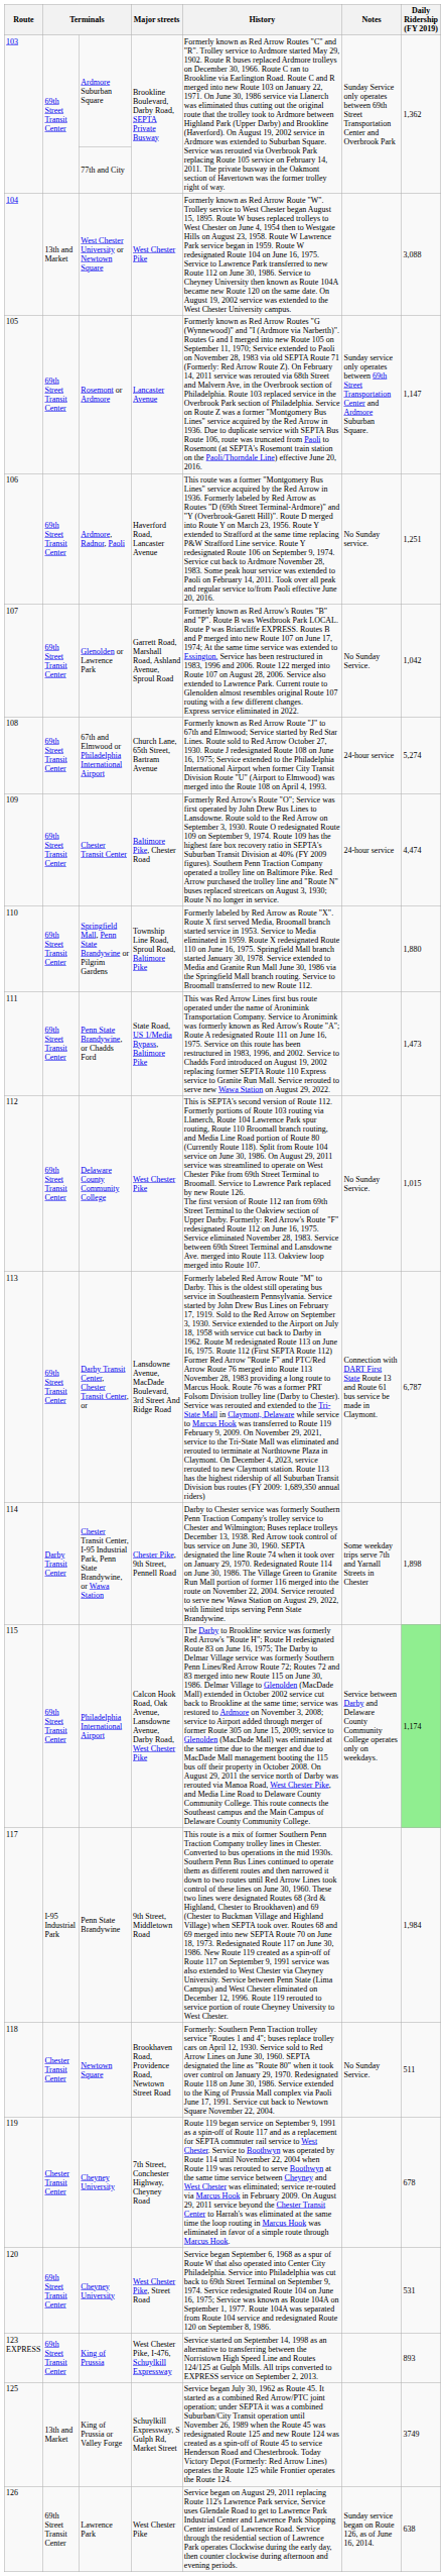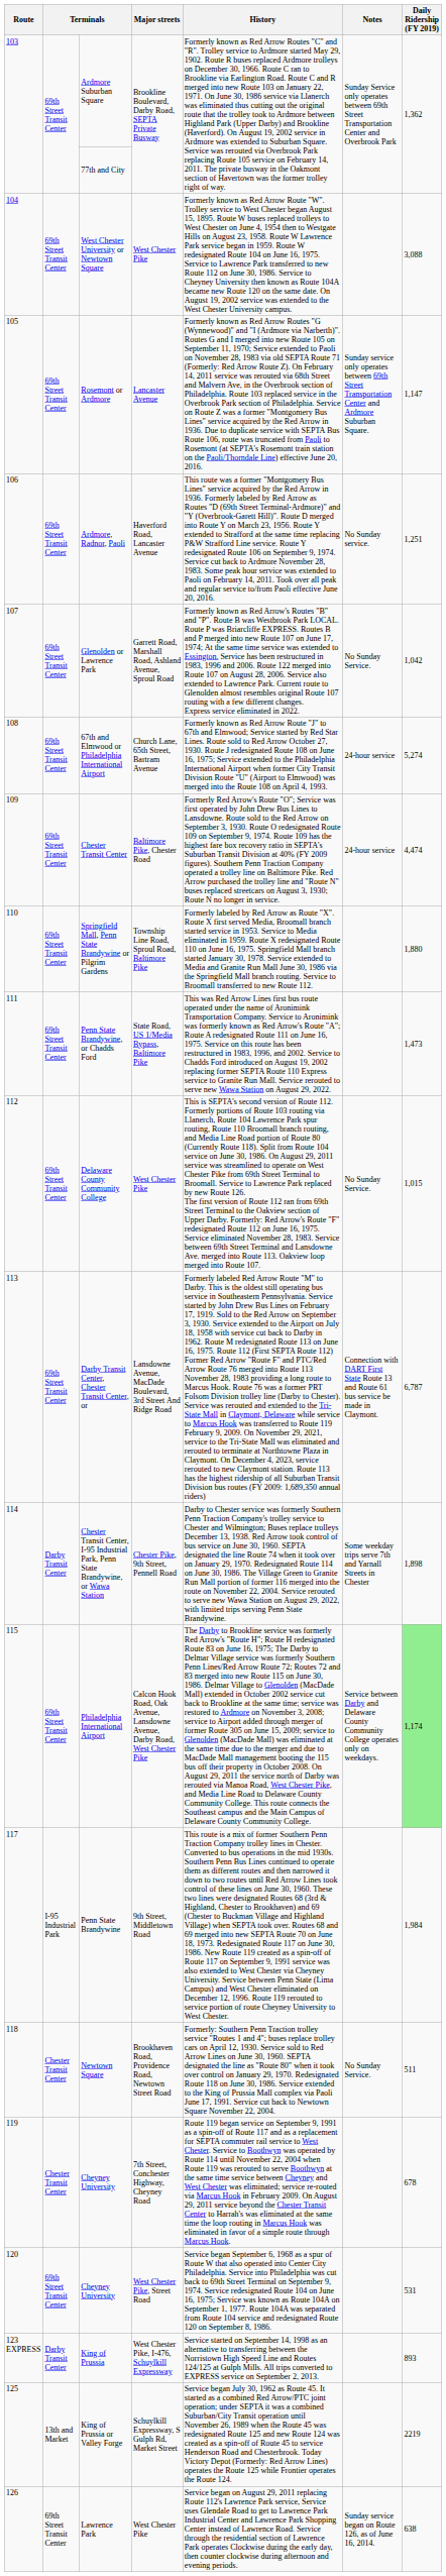 <table class="wikitable sortable" sortable>
 <tr>
 <th>Route</th>
 <th colspan=2>Terminals</th>
 <th>Major streets</th>
 <th>History</th>
 <th>Notes</th>
 <th>Daily Ridership (FY 2019)</th>
 </tr>
 <tr>
 <td rowspan="2" valign="top"><div><a href='#'>103</a></div></td>
 <td rowspan="2"><a href='#'>69th Street Transit Center</a></td>
 <td><a href='#'>Ardmore</a> Suburban Square</td>
 <td rowspan="2">Brookline Boulevard, Darby Road, <a href='#'>SEPTA Private Busway</a></td>
 <td rowspan="2">Formerly known as Red Arrow Routes "C" and "R". Trolley service to Ardmore started May 29, 1902. Route R buses replaced Ardmore trolleys on December 30, 1966. Route C ran to Brookline via Earlington Road. Route C and R merged into new Route 103 on January 22, 1971. On June 30, 1986 service via Llanerch was eliminated thus cutting out the original route that the trolley took to Ardmore between Highland Park (Upper Darby) and Brookline (Haverford). On August 19, 2002 service in Ardmore was extended to Suburban Square. Service was rerouted via Overbrook Park replacing Route 105 service on February 14, 2011. The private busway in the Oakmont section of Havertown was the former trolley right of way.</td>
 <td rowspan="2">Sunday Service only operates between 69th Street Transportation Center and Overbrook Park</td>
 <td rowspan="2">1,362</td>
 </tr>
 <tr>
 <td>77th and City</td>
 </tr>
 <tr>
 <td valign=top><div><a href='#'>104</a></div></td>
-<td>13th and Market</td>
+<td><a href='#'>69th Street Transit Center</a></td>
 <td><a href='#'>West Chester University</a> or <a href='#'>Newtown Square</a></td>
 <td><a href='#'>West Chester Pike</a></td>
 <td>Formerly known as Red Arrow Route "W". Trolley service to West Chester began August 15, 1895. Route W buses replaced trolleys to West Chester on June 4, 1954 then to Westgate Hills on August 23, 1958. Route W Lawrence Park service began in 1959. Route W redesignated Route 104 on June 16, 1975. Service to Lawrence Park transferred to new Route 112 on June 30, 1986. Service to Cheyney University then known as Route 104A became new Route 120 on the same date. On August 19, 2002 service was extended to the West Chester University campus.</td>
 <td></td>
 <td>3,088</td>
 </tr>
 <tr>
 <td valign=top><div>105</div></td>
 <td><a href='#'>69th Street Transit Center</a></td>
 <td><a href='#'>Rosemont</a> or <a href='#'>Ardmore</a></td>
 <td><a href='#'>Lancaster Avenue</a></td>
 <td>Formerly known as Red Arrow Routes "G (Wynnewood)" and "I (Ardmore via Narberth)". Routes G and I merged into new Route 105 on September 11, 1970; Service extended to Paoli on November 28, 1983 via old SEPTA Route 71 (Formerly: Red Arrow Route Z). On February 14, 2011 service was rerouted via 68th Street and Malvern Ave, in the Overbrook section of Philadelphia.  Route 103 replaced service in the Overbrook Park section of Philadelphia. Service on Route Z was a former "Montgomery Bus Lines" service acquired by the Red Arrow in 1936.  Due to duplicate service with SEPTA Bus Route 106, route was truncated from <a href='#'>Paoli</a> to Rosemont (at SEPTA's Rosemont train station on the <a href='#'>Paoli/Thorndale Line</a>) effective June 20, 2016.</td>
 <td>Sunday service only operates between <a href='#'>69th Street Transportation Center</a> and <a href='#'>Ardmore</a> Suburban Square.</td>
 <td>1,147</td>
 </tr>
 <tr>
 <td valign=top><div>106</div></td>
 <td><a href='#'>69th Street Transit Center</a></td>
 <td><a href='#'>Ardmore</a>, <a href='#'>Radnor</a>, <a href='#'>Paoli</a></td>
 <td>Haverford Road, Lancaster Avenue</td>
 <td>This route was a former "Montgomery Bus Lines" service acquired by the Red Arrow in 1936. Formerly labeled by Red Arrow as Routes "D (69th Street Terminal-Ardmore)" and "Y (Overbrook-Garett Hill)". Route D merged into Route Y on March 23, 1956. Route Y extended to Strafford at the same time replacing P&W Strafford Line service.  Route Y redesignated Route 106 on September 9, 1974.  Service cut back to Ardmore November 28, 1983. Some peak hour service was extended to Paoli on February 14, 2011. Took over all peak and regular service to/from Paoli effective June 20, 2016.</td>
 <td>No Sunday service.</td>
 <td>1,251</td>
 </tr>
 <tr>
 <td valign=top><div>107</div></td>
 <td><a href='#'>69th Street Transit Center</a></td>
 <td><a href='#'>Glenolden</a> or Lawrence Park</td>
 <td>Garrett Road, Marshall Road, Ashland Avenue, Sproul Road</td>
 <td>Formerly known as Red Arrow's Routes "B" and "P". Route B was Westbrook Park LOCAL. Route P was Briarcliffe EXPRESS. Routes B and P merged into new Route 107 on June 17, 1974; At the same time service was extended to <a href='#'>Essington.</a> Service has been restructured in 1983, 1996 and 2006. Route 122 merged into Route 107 on August 28, 2006. Service also extended to Lawrence Park. Current route to Glenolden almost resembles original Route 107 routing with a few different changes.<br>Express service eliminated in 2022.</td>
 <td>No Sunday Service.</td>
 <td>1,042</td>
 </tr>
 <tr>
 <td valign=top><div>108</div></td>
 <td><a href='#'>69th Street Transit Center</a></td>
 <td>67th and Elmwood or <a href='#'>Philadelphia International Airport</a></td>
 <td>Church Lane, 65th Street, Bartram Avenue</td>
 <td>Formerly known as Red Arrow Route "J" to 67th and Elmwood; Service started by Red Star Lines. Route sold to Red Arrow October 27, 1930. Route J redesignated Route 108 on June 16, 1975; Service extended to the Philadelphia International Airport when former City Transit Division Route "U" (Airport to Elmwood) was merged into the Route 108 on April 4, 1993.</td>
 <td>24-hour service</td>
 <td>5,274</td>
 </tr>
 <tr>
 <td valign=top><div>109</div></td>
 <td><a href='#'>69th Street Transit Center</a></td>
 <td><a href='#'>Chester Transit Center</a></td>
 <td><a href='#'>Baltimore Pike</a>, Chester Road</td>
 <td>Formerly Red Arrow's Route "O"; Service was first operated by John Drew Bus Lines to Lansdowne. Route sold to the Red Arrow on September 3, 1930. Route O redesignated Route 109 on September 9, 1974. Route 109 has the highest fare box recovery ratio in SEPTA's Suburban Transit Division at 40% (FY 2009 figures). Southern Penn Traction Company operated a trolley line on Baltimore Pike. Red Arrow purchased the trolley line and "Route N" buses replaced streetcars on August 3, 1930; Route N no longer in service.</td>
 <td>24-hour service</td>
 <td>4,474</td>
 </tr>
 <tr>
 <td valign=top><div>110</div></td>
 <td><a href='#'>69th Street Transit Center</a></td>
 <td><a href='#'>Springfield Mall</a>, <a href='#'>Penn State Brandywine</a> or Pilgrim Gardens</td>
 <td>Township Line Road, Sproul Road, <a href='#'>Baltimore Pike</a></td>
 <td>Formerly labeled by Red Arrow as Route "X". Route X first served Media, Broomall branch started service in 1953. Service to Media eliminated in 1959. Route X redesignated Route 110 on June 16, 1975. Springfield Mall branch started January 30, 1978. Service extended to Media and Granite Run Mall June 30, 1986 via the Springfield Mall branch routing. Service to Broomall transferred to new Route 112.</td>
 <td></td>
 <td>1,880</td>
 </tr>
 <tr>
 <td valign=top><div>111</div></td>
 <td><a href='#'>69th Street Transit Center</a></td>
 <td><a href='#'>Penn State Brandywine</a>, or Chadds Ford</td>
 <td>State Road, <a href='#'>US 1/Media Bypass</a>, <a href='#'>Baltimore Pike</a></td>
 <td>This was Red Arrow Lines first bus route operated under the name of Aronimink Transportation Company. Service to Aronimink was formerly known as Red Arrow's Route "A"; Route A redesignated Route 111 on June 16, 1975. Service on this route has been restructured in 1983, 1996, and 2002. Service to Chadds Ford introduced on August 19, 2002 replacing former SEPTA Route 110 Express service to Granite Run Mall. Service rerouted to serve new <a href='#'>Wawa Station</a> on August 29, 2022.</td>
 <td></td>
 <td>1,473</td>
 </tr>
 <tr>
 <td valign=top><div>112</div></td>
 <td><a href='#'>69th Street Transit Center</a></td>
 <td><a href='#'>Delaware County Community College</a></td>
 <td><a href='#'>West Chester Pike</a></td>
 <td>This is SEPTA's second version of Route 112. Formerly portions of Route 103 routing via Llanerch, Route 104 Lawrence Park spur routing, Route 110 Broomall branch routing, and Media Line Road portion of Route 80 (Currently Route 118). Split from Route 104 service on June 30, 1986. On August 29, 2011 service was streamlined to operate on West Chester Pike from 69th Street Terminal to Broomall. Service to Lawrence Park replaced by new Route 126.<br>The first version of Route 112 ran from 69th Street Terminal to the Oakview section of Upper Darby.  Formerly: Red Arrow's Route "F" redesignated Route 112 on June 16, 1975.  Service eliminated November 28, 1983. Service between 69th Street Terminal and Lansdowne Ave. merged into Route 113.  Oakview loop merged into Route 107.</td>
 <td>No Sunday Service.</td>
 <td>1,015</td>
 </tr>
 <tr>
 <td valign=top><div>113</div></td>
 <td><a href='#'>69th Street Transit Center</a></td>
 <td><a href='#'>Darby Transit Center</a>, <a href='#'>Chester Transit Center</a>, or </td>
 <td>Lansdowne Avenue, MacDade Boulevard, 3rd Street And Ridge Road</td>
 <td>Formerly labeled Red Arrow Route "M" to Darby. This is the oldest still operating bus service in Southeastern Pennsylvania. Service started by John Drew Bus Lines on February 17, 1919. Sold to the Red Arrow on September 3, 1930. Service extended to the Airport on July 18, 1958 with service cut back to Darby in 1962. Route M redesignated Route 113 on June 16, 1975. Route 112 (First SEPTA Route 112) Former Red Arrow "Route F" and PTC/Red Arrow Route 76 merged into Route 113 November 28, 1983 providing a long route to Marcus Hook. Route 76 was a former PRT Folsom Division trolley line (Darby to Chester). Service was rerouted and extended to the <a href='#'>Tri-State Mall</a> in <a href='#'>Claymont, Delaware</a> while service to <a href='#'>Marcus Hook</a> was transferred to Route 119 February 9, 2009. On November 29, 2021, service to the Tri-State Mall was eliminated and rerouted to terminate at Northtowne Plaza in Claymont. On December 4, 2023, service rerouted to new Claymont station. Route 113 has the highest ridership of all Suburban Transit Division bus routes (FY 2009: 1,689,350 annual riders)</td>
 <td>Connection with <a href='#'>DART First State</a> Route 13 and Route 61 bus service be made in Claymont.</td>
 <td>6,787</td>
 </tr>
 <tr>
 <td valign=top><div>114</div></td>
 <td><a href='#'>Darby Transit Center</a></td>
 <td><a href='#'>Chester</a> Transit Center, I-95 Industrial Park, Penn State Brandywine, or <a href='#'>Wawa Station</a></td>
 <td><a href='#'>Chester Pike</a>, 9th Street, Pennell Road</td>
 <td>Darby to Chester service was formerly Southern Penn Traction Company's trolley service to Chester and Wilmington; Buses replace trolleys December 13, 1938. Red Arrow took control of bus service on June 30, 1960. SEPTA designated the line Route 74 when it took over on January 29, 1970. Redesignated Route 114 on June 30, 1986. The Village Green to Granite Run Mall portion of former 116 merged into the route on November 22, 2004. Service rerouted to serve new Wawa Station on August 29, 2022, with limited trips serving Penn State Brandywine.</td>
 <td>Some weekday trips serve 7th and Yarnall Streets in Chester</td>
 <td>1,898</td>
 </tr>
 <tr>
 <td valign=top><div>115</div></td>
 <td><a href='#'>69th Street Transit Center</a></td>
 <td><a href='#'>Philadelphia International Airport</a></td>
 <td>Calcon Hook Road, Oak Avenue, Lansdowne Avenue, Darby Road, <a href='#'>West Chester Pike</a></td>
 <td>The <a href='#'>Darby</a> to Brookline service was formerly Red Arrow's "Route H"; Route H redesignated Route 83 on June 16, 1975; The Darby to Delmar Village service was formerly Southern Penn Lines/Red Arrow Route 72; Routes 72 and 83 merged into new Route 115 on June 30, 1986. Delmar Village to <a href='#'>Glenolden</a> (MacDade Mall) extended in October 2002 service cut back to Brookline at the same time; service was restored to <a href='#'>Ardmore</a> on November 3, 2008; service to Airport added through merger of former Route 305 on June 15, 2009; service to <a href='#'>Glenolden</a> (MacDade Mall) was eliminated at the same time due to the merger and due to MacDade Mall management booting the 115 bus off their property in October 2008. On August 29, 2011 the service north of Darby was rerouted via Manoa Road, <a href='#'>West Chester Pike</a>, and Media Line Road to Delaware County Community College. This route connects the Southeast campus and the Main Campus of Delaware County Community College.</td>
 <td>Service between <a href='#'>Darby</a> and Delaware County Community College operates only on weekdays.</td>
 <td style="background: lightgreen;">1,174</td>
 </tr>
 <tr>
 <td valign=top><div>117</div></td>
 <td>I-95 Industrial Park</td>
 <td>Penn State Brandywine</td>
 <td>9th Street, Middletown Road</td>
 <td>This route is a mix of former Southern Penn Traction Company trolley lines in Chester. Converted to bus operations in the mid 1930s. Southern Penn Bus Lines continued to operate them as different routes and then narrowed it down to two routes until Red Arrow Lines took control of these lines on June 30, 1960. These two lines were designated Routes 68 (3rd & Highland, Chester to Brookhaven) and 69 (Chester to Buckman Village and Highland Village) when SEPTA took over. Routes 68 and 69 merged into new SEPTA Route 70 on June 18, 1973. Redesignated Route 117 on June 30, 1986. New Route 119 created as a spin-off of Route 117 on September 9, 1991 service was also extended to West Chester via Cheyney University. Service between Penn State (Lima Campus) and West Chester eliminated on December 12, 1996. Route 119 rerouted to service portion of route Cheyney University to West Chester.</td>
 <td></td>
 <td>1,984</td>
 </tr>
 <tr>
 <td valign=top><div>118</div></td>
 <td><a href='#'>Chester Transit Center</a></td>
 <td><a href='#'>Newtown Square</a></td>
 <td>Brookhaven Road, Providence Road, Newtown Street Road</td>
 <td>Formerly: Southern Penn Traction trolley service "Routes 1 and 4"; buses replace trolley cars on April 12, 1930. Service sold to Red Arrow Lines on June 30, 1960. SEPTA designated the line as "Route 80" when it took over control on January 29, 1970. Redesignated Route 118 on June 30, 1986. Service extended to the King of Prussia Mall complex via Paoli June 17, 1991. Service cut back to Newtown Square November 22, 2004.</td>
 <td>No Sunday Service.</td>
 <td>511</td>
 </tr>
 <tr>
 <td valign=top><div>119</div></td>
 <td><a href='#'>Chester Transit Center</a></td>
 <td><a href='#'>Cheyney University</a></td>
 <td>7th Street, Conchester Highway, Cheyney Road</td>
 <td>Route 119 began service  on September 9, 1991 as a spin-off of Route 117 and as a replacement for SEPTA commuter rail service to <a href='#'>West Chester</a>. Service to <a href='#'>Boothwyn</a> was operated by Route 114 until November 22, 2004 when Route 119 was rerouted to serve <a href='#'>Boothwyn</a> at the same time service between <a href='#'>Cheyney</a> and <a href='#'>West Chester</a> was eliminated;  service re-routed via <a href='#'>Marcus Hook</a> in February 2009. On August 29, 2011 service beyond the <a href='#'>Chester Transit Center</a> to Harrah's was eliminated at the same time the loop routing in <a href='#'>Marcus Hook</a> was eliminated in favor of a simple route through <a href='#'>Marcus Hook</a>.</td>
 <td></td>
 <td>678</td>
 </tr>
 <tr>
 <td valign=top><div>120</div></td>
 <td><a href='#'>69th Street Transit Center</a></td>
 <td><a href='#'>Cheyney University</a></td>
 <td><a href='#'>West Chester Pike</a>, Street Road</td>
 <td>Service began September 6, 1968 as a spur of Route W that also operated into Center City Philadelphia. Service into Philadelphia was cut back to 69th Street Terminal on September 9, 1974. Service redesignated Route 104 on June 16, 1975; Service was known as Route 104A on September 1, 1977. Route 104A was separated from Route 104 service and redesignated Route 120 on September 8, 1986.</td>
 <td></td>
 <td>531</td>
 </tr>
 <tr>
 <td valign=top><div>123 EXPRESS</div></td>
-<td><a href='#'>69th Street Transit Center</a></td>
+<td><a href='#'>Darby Transit Center</a></td>
 <td><a href='#'>King of Prussia</a></td>
 <td>West Chester Pike, I-476, <a href='#'>Schuylkill Expressway</a></td>
 <td>Service started on September 14, 1998 as an alternative to transferring between the Norristown High Speed Line and Routes 124/125 at Gulph Mills. All trips converted to EXPRESS service on September 2, 2013.</td>
 <td></td>
 <td>893</td>
 </tr>
 <tr>
 <td valign=top><div>125</div></td>
 <td>13th and Market</td>
 <td>King of Prussia or Valley Forge</td>
 <td>Schuylkill Expressway, S Gulph Rd, Market Street</td>
 <td>Service began July 30, 1962 as Route 45. It started as a combined Red Arrow/PTC joint operation; under SEPTA it was a combined Suburban/City Transit operation until November 26, 1989 when the Route 45 was redesignated Route 125 and new Route 124 was created as a spin-off of Route 45 to service Henderson Road and Chesterbrook. Today Victory Depot (Formerly: Red Arrow Lines) operates the Route 125 while Frontier operates the Route 124.</td>
 <td></td>
-<td>3749</td>
+<td>2219</td>
 </tr>
 <tr>
 <td valign=top><div>126</div></td>
 <td>69th Street Transit Center</td>
 <td>Lawrence Park</td>
 <td>West Chester Pike</td>
 <td>Service began on August 29, 2011 replacing Route 112's Lawrence Park service, Service uses Glendale Road to get to Lawrence Park Industrial Center and Lawrence Park Shopping Center instead of Lawrence Road. Service through the residential section of Lawrence Park operates Clockwise during the early day, then counter clockwise during afternoon and evening periods.</td>
 <td>Sunday service began on Route 126, as of June 16, 2014.</td>
 <td>638</td>
 </tr>
 </table>
